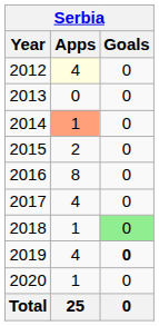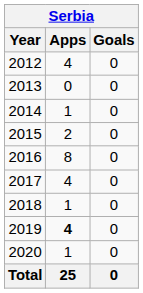 <table class="wikitable" style="text-align:center">
 <tr>
 <th colspan=3><a href='#'>Serbia</a></th>
 </tr>
 <tr>
 <th>Year</th>
 <th>Apps</th>
 <th>Goals</th>
 </tr>
 <tr>
 <td>2012</td>
-<td style="background: lightyellow;">4</td>
+<td>4</td>
 <td>0</td>
 </tr>
 <tr>
 <td>2013</td>
 <td>0</td>
 <td>0</td>
 </tr>
 <tr>
 <td>2014</td>
-<td style="background: lightsalmon;">1</td>
+<td>1</td>
 <td>0</td>
 </tr>
 <tr>
 <td>2015</td>
 <td>2</td>
 <td>0</td>
 </tr>
 <tr>
 <td>2016</td>
 <td>8</td>
 <td>0</td>
 </tr>
 <tr>
 <td>2017</td>
 <td>4</td>
 <td>0</td>
 </tr>
 <tr>
 <td>2018</td>
 <td>1</td>
-<td style="background: lightgreen;">0</td>
+<td>0</td>
 </tr>
 <tr>
 <td>2019</td>
-<td>4</td>
-<td><strong>0</strong></td>
+<td><strong>4</strong></td>
+<td>0</td>
 </tr>
 <tr>
 <td>2020</td>
 <td>1</td>
 <td>0</td>
 </tr>
 <tr>
 <th>Total</th>
 <th>25</th>
 <th>0</th>
 </tr>
 </table>
